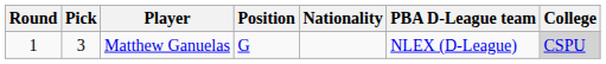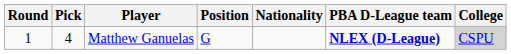 <table class="wikitable sortable sortable">
 <tr>
 <th>Round</th>
 <th>Pick</th>
 <th>Player</th>
 <th>Position</th>
 <th>Nationality</th>
 <th>PBA D-League team</th>
 <th>College</th>
 </tr>
 <tr>
 <td align=center>1</td>
-<td align=center>3</td>
+<td align=center>4</td>
 <td><a href='#'>Matthew Ganuelas</a></td>
 <td><a href='#'>G</a></td>
 <td></td>
-<td><a href='#'>NLEX (D-League)</a></td>
+<td><strong><a href='#'>NLEX (D-League)</a></strong></td>
 <td style="background: lightgrey;"><a href='#'>CSPU</a></td>
 </tr>
 </table>
